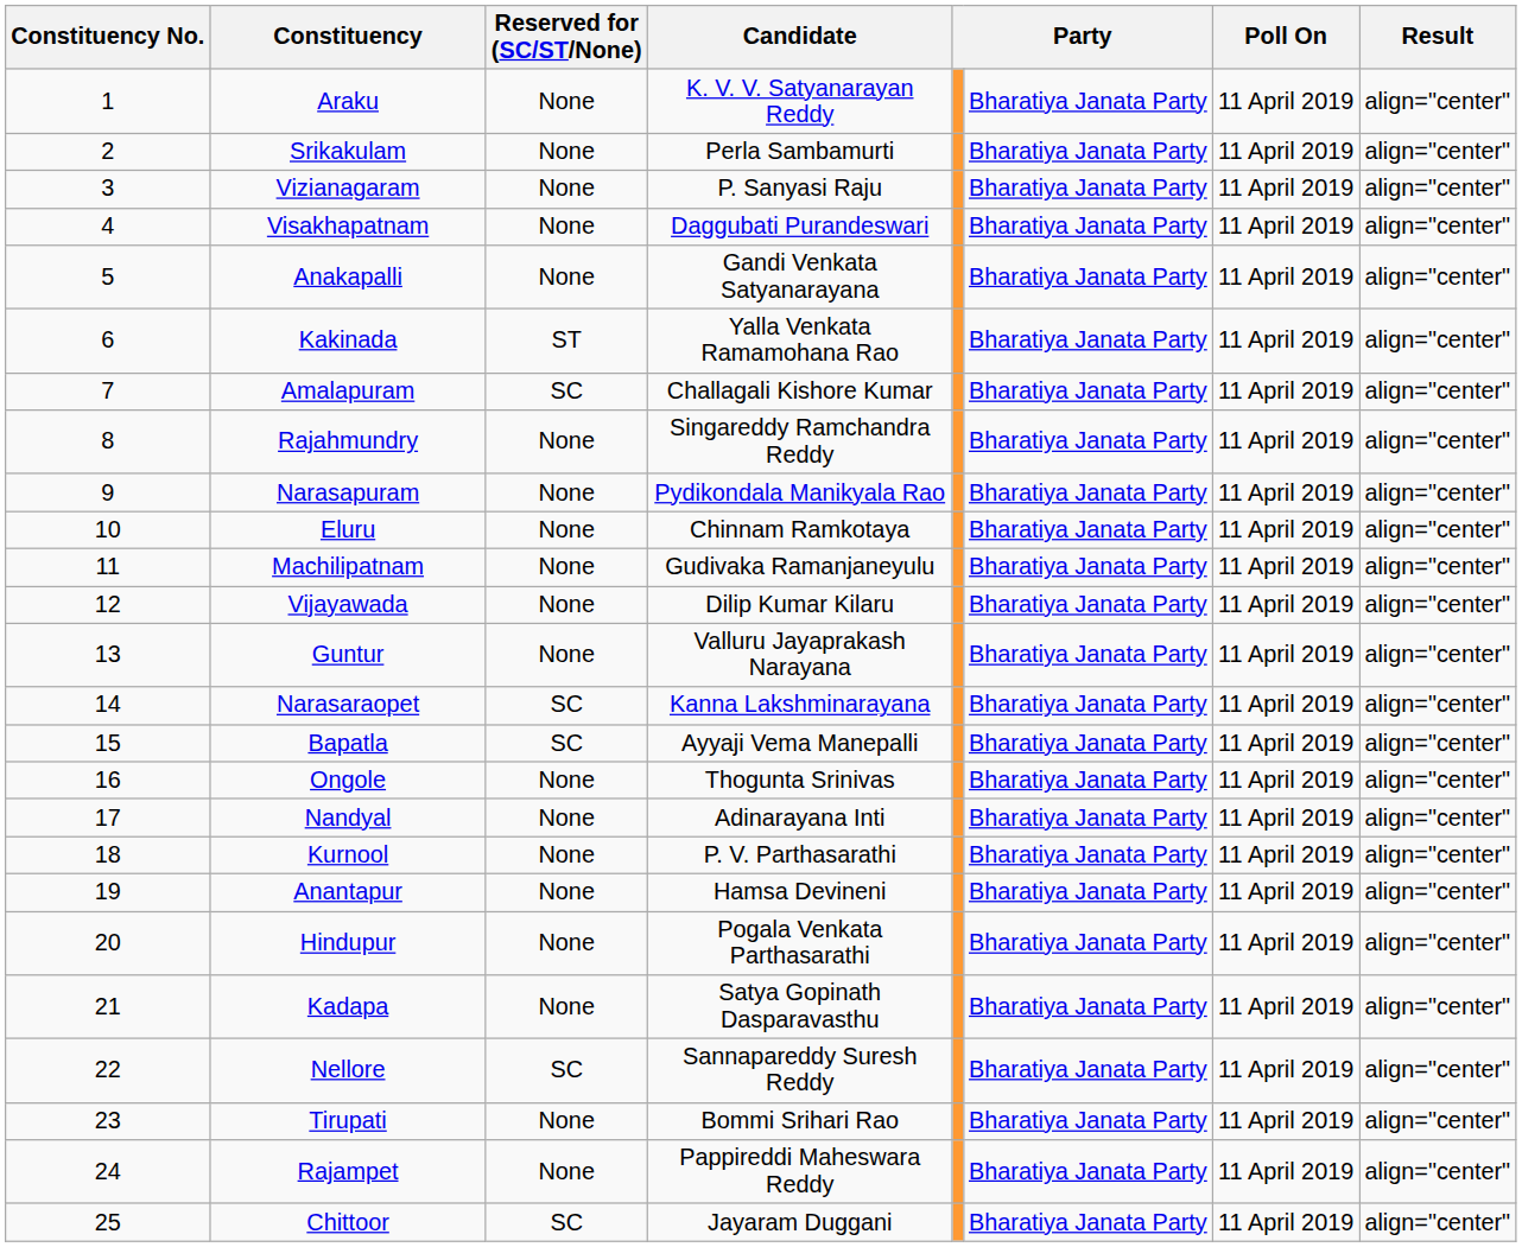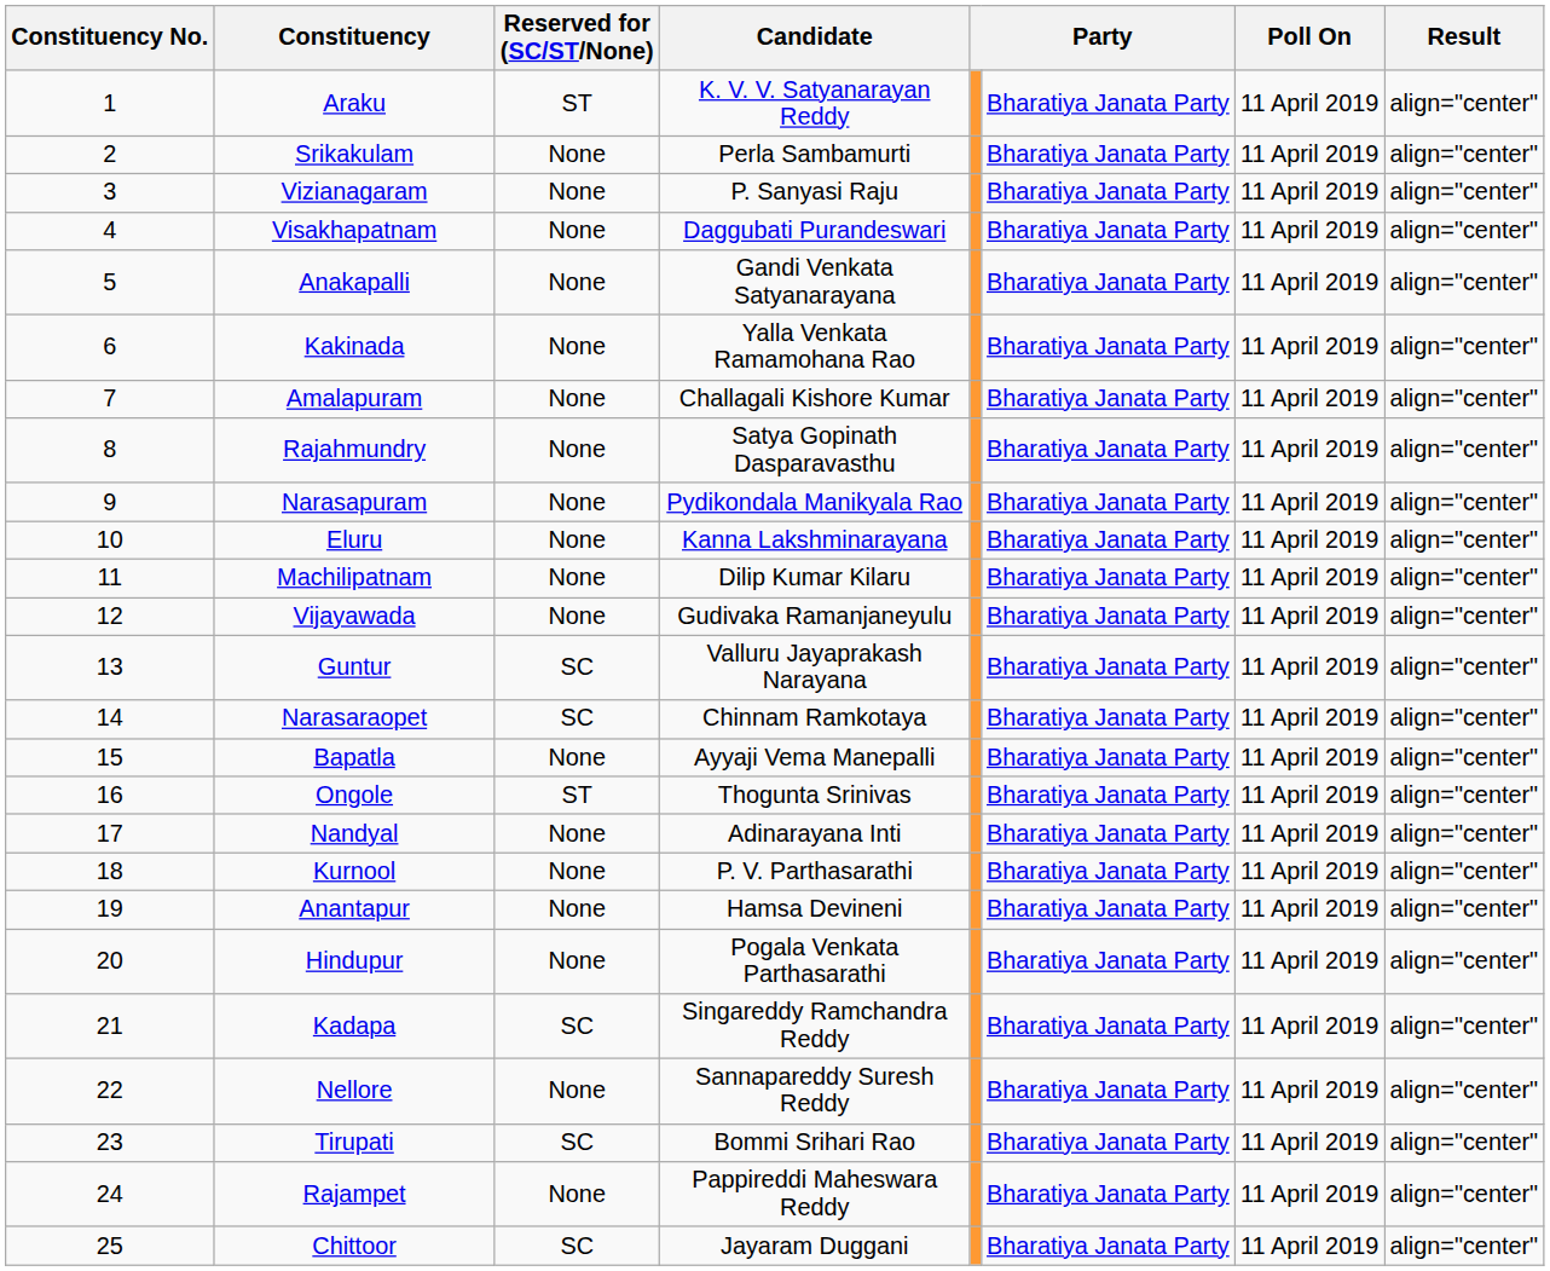 <table class="wikitable sortable" style="text-align:center;">
 <tr>
 <th>Constituency No.</th>
 <th style="width:180px;">Constituency</th>
 <th>Reserved for<br>(<a href='#'>SC/ST</a>/None)</th>
 <th style="width:200px;">Candidate</th>
 <th colspan="2">Party</th>
 <th>Poll On</th>
 <th>Result</th>
 </tr>
 <tr>
 <td align="center">1</td>
 <td><a href='#'>Araku</a></td>
-<td align="center">None</td>
+<td align="center">ST</td>
 <td><a href='#'>K. V. V. Satyanarayan Reddy</a></td>
 <td bgcolor=#FF9933></td>
 <td><a href='#'>Bharatiya Janata Party</a></td>
 <td align="center">11 April 2019</td>
 <td>align="center" </td>
 </tr>
 <tr>
 <td align="center">2</td>
 <td><a href='#'>Srikakulam</a></td>
 <td align="center">None</td>
 <td>Perla Sambamurti</td>
 <td bgcolor=#FF9933></td>
 <td><a href='#'>Bharatiya Janata Party</a></td>
 <td align="center">11 April 2019</td>
 <td>align="center" </td>
 </tr>
 <tr>
 <td align="center">3</td>
 <td><a href='#'>Vizianagaram</a></td>
 <td align="center">None</td>
 <td>P. Sanyasi Raju</td>
 <td bgcolor=#FF9933></td>
 <td><a href='#'>Bharatiya Janata Party</a></td>
 <td align="center">11 April 2019</td>
 <td>align="center" </td>
 </tr>
 <tr>
 <td align="center">4</td>
 <td><a href='#'>Visakhapatnam</a></td>
 <td align="center">None</td>
 <td><a href='#'>Daggubati Purandeswari</a></td>
 <td bgcolor=#FF9933></td>
 <td><a href='#'>Bharatiya Janata Party</a></td>
 <td align="center">11 April 2019</td>
 <td>align="center" </td>
 </tr>
 <tr>
 <td align="center">5</td>
 <td><a href='#'>Anakapalli</a></td>
 <td align="center">None</td>
 <td>Gandi Venkata Satyanarayana</td>
 <td bgcolor=#FF9933></td>
 <td><a href='#'>Bharatiya Janata Party</a></td>
 <td align="center">11 April 2019</td>
 <td>align="center" </td>
 </tr>
 <tr>
 <td align="center">6</td>
 <td><a href='#'>Kakinada</a></td>
-<td align="center">ST</td>
+<td align="center">None</td>
 <td>Yalla Venkata Ramamohana Rao</td>
 <td bgcolor=#FF9933></td>
 <td><a href='#'>Bharatiya Janata Party</a></td>
 <td align="center">11 April 2019</td>
 <td>align="center" </td>
 </tr>
 <tr>
 <td align="center">7</td>
 <td><a href='#'>Amalapuram</a></td>
-<td align="center">SC</td>
+<td align="center">None</td>
 <td>Challagali Kishore Kumar</td>
 <td bgcolor=#FF9933></td>
 <td><a href='#'>Bharatiya Janata Party</a></td>
 <td align="center">11 April 2019</td>
 <td>align="center" </td>
 </tr>
 <tr>
 <td align="center">8</td>
 <td><a href='#'>Rajahmundry</a></td>
 <td align="center">None</td>
-<td>Singareddy Ramchandra Reddy</td>
+<td>Satya Gopinath Dasparavasthu</td>
 <td bgcolor=#FF9933></td>
 <td><a href='#'>Bharatiya Janata Party</a></td>
 <td align="center">11 April 2019</td>
 <td>align="center" </td>
 </tr>
 <tr>
 <td align="center">9</td>
 <td><a href='#'>Narasapuram</a></td>
 <td align="center">None</td>
 <td><a href='#'>Pydikondala Manikyala Rao</a></td>
 <td bgcolor=#FF9933></td>
 <td><a href='#'>Bharatiya Janata Party</a></td>
 <td align="center">11 April 2019</td>
 <td>align="center" </td>
 </tr>
 <tr>
 <td align="center">10</td>
 <td><a href='#'>Eluru</a></td>
 <td align="center">None</td>
-<td>Chinnam Ramkotaya</td>
+<td><a href='#'>Kanna Lakshminarayana</a></td>
 <td bgcolor=#FF9933></td>
 <td><a href='#'>Bharatiya Janata Party</a></td>
 <td align="center">11 April 2019</td>
 <td>align="center" </td>
 </tr>
 <tr>
 <td align="center">11</td>
 <td><a href='#'>Machilipatnam</a></td>
 <td align="center">None</td>
-<td>Gudivaka Ramanjaneyulu</td>
+<td>Dilip Kumar Kilaru</td>
 <td bgcolor=#FF9933></td>
 <td><a href='#'>Bharatiya Janata Party</a></td>
 <td align="center">11 April 2019</td>
 <td>align="center" </td>
 </tr>
 <tr>
 <td align="center">12</td>
 <td><a href='#'>Vijayawada</a></td>
 <td align="center">None</td>
-<td>Dilip Kumar Kilaru</td>
+<td>Gudivaka Ramanjaneyulu</td>
 <td bgcolor=#FF9933></td>
 <td><a href='#'>Bharatiya Janata Party</a></td>
 <td align="center">11 April 2019</td>
 <td>align="center" </td>
 </tr>
 <tr>
 <td align="center">13</td>
 <td><a href='#'>Guntur</a></td>
-<td align="center">None</td>
+<td align="center">SC</td>
 <td>Valluru Jayaprakash Narayana</td>
 <td bgcolor=#FF9933></td>
 <td><a href='#'>Bharatiya Janata Party</a></td>
 <td align="center">11 April 2019</td>
 <td>align="center" </td>
 </tr>
 <tr>
 <td align="center">14</td>
 <td><a href='#'>Narasaraopet</a></td>
 <td align="center">SC</td>
-<td><a href='#'>Kanna Lakshminarayana</a></td>
+<td>Chinnam Ramkotaya</td>
 <td bgcolor=#FF9933></td>
 <td><a href='#'>Bharatiya Janata Party</a></td>
 <td align="center">11 April 2019</td>
 <td>align="center" </td>
 </tr>
 <tr>
 <td align="center">15</td>
 <td><a href='#'>Bapatla</a></td>
-<td align="center">SC</td>
+<td align="center">None</td>
 <td>Ayyaji Vema Manepalli</td>
 <td bgcolor=#FF9933></td>
 <td><a href='#'>Bharatiya Janata Party</a></td>
 <td align="center">11 April 2019</td>
 <td>align="center" </td>
 </tr>
 <tr>
 <td align="center">16</td>
 <td><a href='#'>Ongole</a></td>
-<td align="center">None</td>
+<td align="center">ST</td>
 <td>Thogunta Srinivas</td>
 <td bgcolor=#FF9933></td>
 <td><a href='#'>Bharatiya Janata Party</a></td>
 <td align="center">11 April 2019</td>
 <td>align="center" </td>
 </tr>
 <tr>
 <td align="center">17</td>
 <td><a href='#'>Nandyal</a></td>
 <td align="center">None</td>
 <td>Adinarayana Inti</td>
 <td bgcolor=#FF9933></td>
 <td><a href='#'>Bharatiya Janata Party</a></td>
 <td align="center">11 April 2019</td>
 <td>align="center" </td>
 </tr>
 <tr>
 <td align="center">18</td>
 <td><a href='#'>Kurnool</a></td>
 <td align="center">None</td>
 <td>P. V. Parthasarathi</td>
 <td bgcolor=#FF9933></td>
 <td><a href='#'>Bharatiya Janata Party</a></td>
 <td align="center">11 April 2019</td>
 <td>align="center" </td>
 </tr>
 <tr>
 <td align="center">19</td>
 <td><a href='#'>Anantapur</a></td>
 <td align="center">None</td>
 <td>Hamsa Devineni</td>
 <td bgcolor=#FF9933></td>
 <td><a href='#'>Bharatiya Janata Party</a></td>
 <td align="center">11 April 2019</td>
 <td>align="center" </td>
 </tr>
 <tr>
 <td align="center">20</td>
 <td><a href='#'>Hindupur</a></td>
 <td align="center">None</td>
 <td>Pogala Venkata Parthasarathi</td>
 <td bgcolor=#FF9933></td>
 <td><a href='#'>Bharatiya Janata Party</a></td>
 <td align="center">11 April 2019</td>
 <td>align="center" </td>
 </tr>
 <tr>
 <td align="center">21</td>
 <td><a href='#'>Kadapa</a></td>
-<td align="center">None</td>
-<td>Satya Gopinath Dasparavasthu</td>
+<td align="center">SC</td>
+<td>Singareddy Ramchandra Reddy</td>
 <td bgcolor=#FF9933></td>
 <td><a href='#'>Bharatiya Janata Party</a></td>
 <td align="center">11 April 2019</td>
 <td>align="center" </td>
 </tr>
 <tr>
 <td align="center">22</td>
 <td><a href='#'>Nellore</a></td>
-<td align="center">SC</td>
+<td align="center">None</td>
 <td>Sannapareddy Suresh Reddy</td>
 <td bgcolor=#FF9933></td>
 <td><a href='#'>Bharatiya Janata Party</a></td>
 <td align="center">11 April 2019</td>
 <td>align="center" </td>
 </tr>
 <tr>
 <td align="center">23</td>
 <td><a href='#'>Tirupati</a></td>
-<td align="center">None</td>
+<td align="center">SC</td>
 <td>Bommi Srihari Rao</td>
 <td bgcolor=#FF9933></td>
 <td><a href='#'>Bharatiya Janata Party</a></td>
 <td align="center">11 April 2019</td>
 <td>align="center" </td>
 </tr>
 <tr>
 <td align="center">24</td>
 <td><a href='#'>Rajampet</a></td>
 <td align="center">None</td>
 <td>Pappireddi Maheswara Reddy</td>
 <td bgcolor=#FF9933></td>
 <td><a href='#'>Bharatiya Janata Party</a></td>
 <td align="center">11 April 2019</td>
 <td>align="center" </td>
 </tr>
 <tr>
 <td align="center">25</td>
 <td><a href='#'>Chittoor</a></td>
 <td align="center">SC</td>
 <td>Jayaram Duggani</td>
 <td bgcolor=#FF9933></td>
 <td><a href='#'>Bharatiya Janata Party</a></td>
 <td align="center">11 April 2019</td>
 <td>align="center" </td>
 </tr>
 </table>
